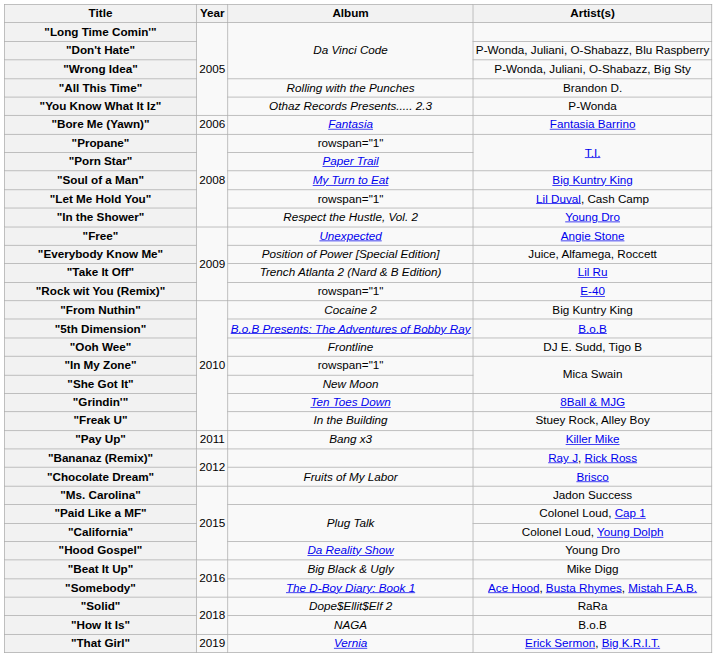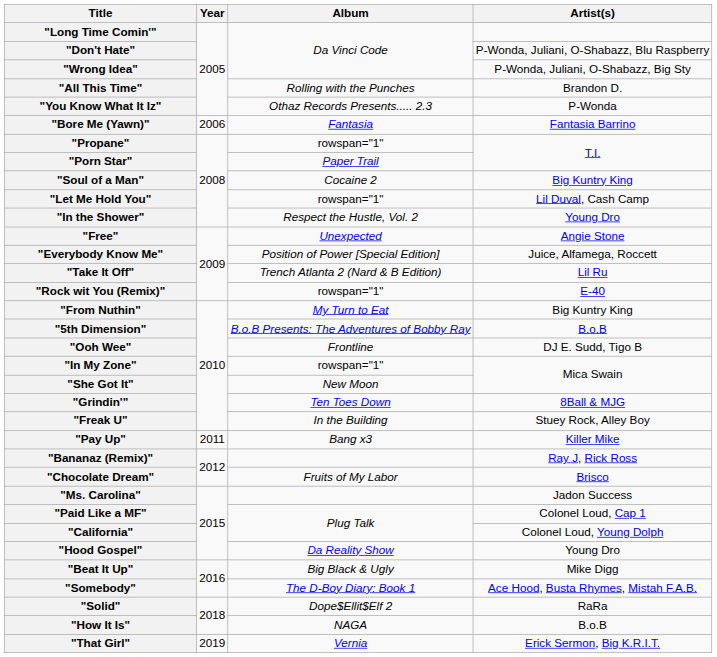 <table class="wikitable plainrowheaders" style="text-align:center;">
 <tr>
 <th scope="col" style="width:16em;">Title</th>
 <th scope="col">Year</th>
 <th scope="col">Album</th>
 <th scope="col">Artist(s)</th>
 </tr>
 <tr>
 <th scope="row">"Long Time Comin'"</th>
 <td rowspan="5">2005</td>
 <td rowspan="3"><em>Da Vinci Code</em></td>
 <td></td>
 </tr>
 <tr>
 <th scope="row">"Don't Hate"</th>
 <td>P-Wonda, Juliani, O-Shabazz, Blu Raspberry</td>
 </tr>
 <tr>
 <th scope="row">"Wrong Idea"</th>
 <td>P-Wonda, Juliani, O-Shabazz, Big Sty</td>
 </tr>
 <tr>
 <th scope="row">"All This Time"</th>
 <td><em>Rolling with the Punches</em></td>
 <td>Brandon D.</td>
 </tr>
 <tr>
 <th scope="row">"You Know What It Iz"</th>
 <td><em>Othaz Records Presents..... 2.3</em></td>
 <td>P-Wonda</td>
 </tr>
 <tr>
 <th scope="row">"Bore Me (Yawn)"</th>
 <td>2006</td>
 <td><em><a href='#'>Fantasia</a></em></td>
 <td><a href='#'>Fantasia Barrino</a></td>
 </tr>
 <tr>
 <th scope="row">"Propane"</th>
 <td rowspan="5">2008</td>
 <td>rowspan="1" </td>
 <td rowspan="2"><a href='#'>T.I.</a></td>
 </tr>
 <tr>
 <th scope="row">"Porn Star"</th>
 <td><em><a href='#'>Paper Trail</a></em></td>
 </tr>
 <tr>
 <th scope="row">"Soul of a Man"</th>
-<td><em><a href='#'>My Turn to Eat</a></em></td>
+<td><em>Cocaine 2</em></td>
 <td><a href='#'>Big Kuntry King</a></td>
 </tr>
 <tr>
 <th scope="row">"Let Me Hold You"</th>
 <td>rowspan="1" </td>
 <td><a href='#'>Lil Duval</a>, Cash Camp</td>
 </tr>
 <tr>
 <th scope="row">"In the Shower"</th>
 <td><em>Respect the Hustle, Vol. 2</em></td>
 <td><a href='#'>Young Dro</a></td>
 </tr>
 <tr>
 <th scope="row">"Free"</th>
 <td rowspan="4">2009</td>
 <td><em><a href='#'>Unexpected</a></em></td>
 <td><a href='#'>Angie Stone</a></td>
 </tr>
 <tr>
 <th scope="row">"Everybody Know Me"</th>
 <td><em>Position of Power [Special Edition]</em></td>
 <td>Juice, Alfamega, Roccett</td>
 </tr>
 <tr>
 <th scope="row">"Take It Off"</th>
 <td><em>Trench Atlanta 2 (Nard & B Edition)</em></td>
 <td><a href='#'>Lil Ru</a></td>
 </tr>
 <tr>
 <th scope="row">"Rock wit You (Remix)"</th>
 <td>rowspan="1" </td>
 <td><a href='#'>E-40</a></td>
 </tr>
 <tr>
 <th scope="row">"From Nuthin"</th>
 <td rowspan="7">2010</td>
-<td><em>Cocaine 2</em></td>
+<td><em><a href='#'>My Turn to Eat</a></em></td>
 <td>Big Kuntry King</td>
 </tr>
 <tr>
 <th scope="row">"5th Dimension"</th>
 <td><em><a href='#'>B.o.B Presents: The Adventures of Bobby Ray</a></em></td>
 <td><a href='#'>B.o.B</a></td>
 </tr>
 <tr>
 <th scope="row">"Ooh Wee"</th>
 <td><em>Frontline</em></td>
 <td>DJ E. Sudd, Tigo B</td>
 </tr>
 <tr>
 <th scope="row">"In My Zone"</th>
 <td>rowspan="1" </td>
 <td rowspan="2">Mica Swain</td>
 </tr>
 <tr>
 <th scope="row">"She Got It"</th>
 <td><em>New Moon</em></td>
 </tr>
 <tr>
 <th scope="row">"Grindin'"</th>
 <td><em><a href='#'>Ten Toes Down</a></em></td>
 <td><a href='#'>8Ball & MJG</a></td>
 </tr>
 <tr>
 <th scope="row">"Freak U"</th>
 <td><em>In the Building</em></td>
 <td>Stuey Rock, Alley Boy</td>
 </tr>
 <tr>
 <th scope="row">"Pay Up"</th>
 <td>2011</td>
 <td><em>Bang x3</em></td>
 <td><a href='#'>Killer Mike</a></td>
 </tr>
 <tr>
 <th scope="row">"Bananaz (Remix)"</th>
 <td rowspan="2">2012</td>
 <td></td>
 <td><a href='#'>Ray J</a>, <a href='#'>Rick Ross</a></td>
 </tr>
 <tr>
 <th scope="row">"Chocolate Dream"</th>
 <td><em>Fruits of My Labor</em></td>
 <td><a href='#'>Brisco</a></td>
 </tr>
 <tr>
 <th scope="row">"Ms. Carolina"</th>
 <td rowspan="4">2015</td>
 <td></td>
 <td>Jadon Success</td>
 </tr>
 <tr>
 <th scope="row">"Paid Like a MF"</th>
 <td rowspan="2"><em>Plug Talk</em></td>
 <td>Colonel Loud, <a href='#'>Cap 1</a></td>
 </tr>
 <tr>
 <th scope="row">"California"</th>
 <td>Colonel Loud, <a href='#'>Young Dolph</a></td>
 </tr>
 <tr>
 <th scope="row">"Hood Gospel"</th>
 <td><em><a href='#'>Da Reality Show</a></em></td>
 <td>Young Dro</td>
 </tr>
 <tr>
 <th scope="row">"Beat It Up"</th>
 <td rowspan="2">2016</td>
 <td><em>Big Black & Ugly</em></td>
 <td>Mike Digg</td>
 </tr>
 <tr>
 <th scope= "row">"Somebody"</th>
 <td><em><a href='#'>The D-Boy Diary: Book 1</a></em></td>
 <td><a href='#'>Ace Hood</a>, <a href='#'>Busta Rhymes</a>, <a href='#'>Mistah F.A.B.</a></td>
 </tr>
 <tr>
 <th scope="row">"Solid"</th>
 <td rowspan="2">2018</td>
 <td><em>Dope$Ellit$Elf 2</em></td>
 <td>RaRa</td>
 </tr>
 <tr>
 <th scope= "row">"How It Is"</th>
 <td><em>NAGA</em></td>
 <td>B.o.B</td>
 </tr>
 <tr>
 <th scope= "row">"That Girl"</th>
 <td>2019</td>
 <td><em><a href='#'>Vernia</a></em></td>
 <td><a href='#'>Erick Sermon</a>, <a href='#'>Big K.R.I.T.</a></td>
 </tr>
 </table>
